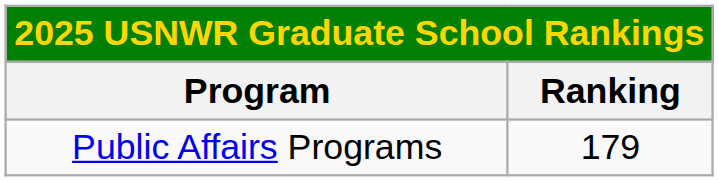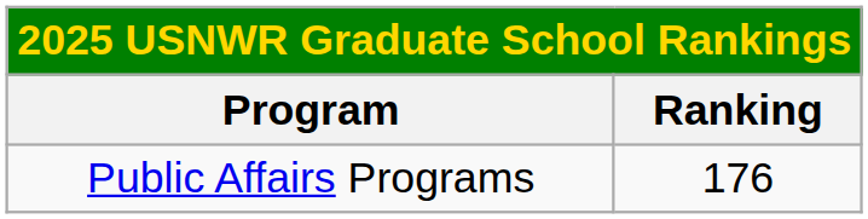 <table class="wikitable sortable collapsible collapsed" style="float:right; text-align:center">
 <tr>
 <th colspan=4 style="background:#008000; color:#FFD700; ">2025 USNWR Graduate School Rankings</th>
 </tr>
 <tr>
 <th>Program</th>
 <th>Ranking</th>
 </tr>
 <tr>
 <td><a href='#'>Public Affairs</a> Programs</td>
-<td>179</td>
+<td>176</td>
 </tr>
 </table>
